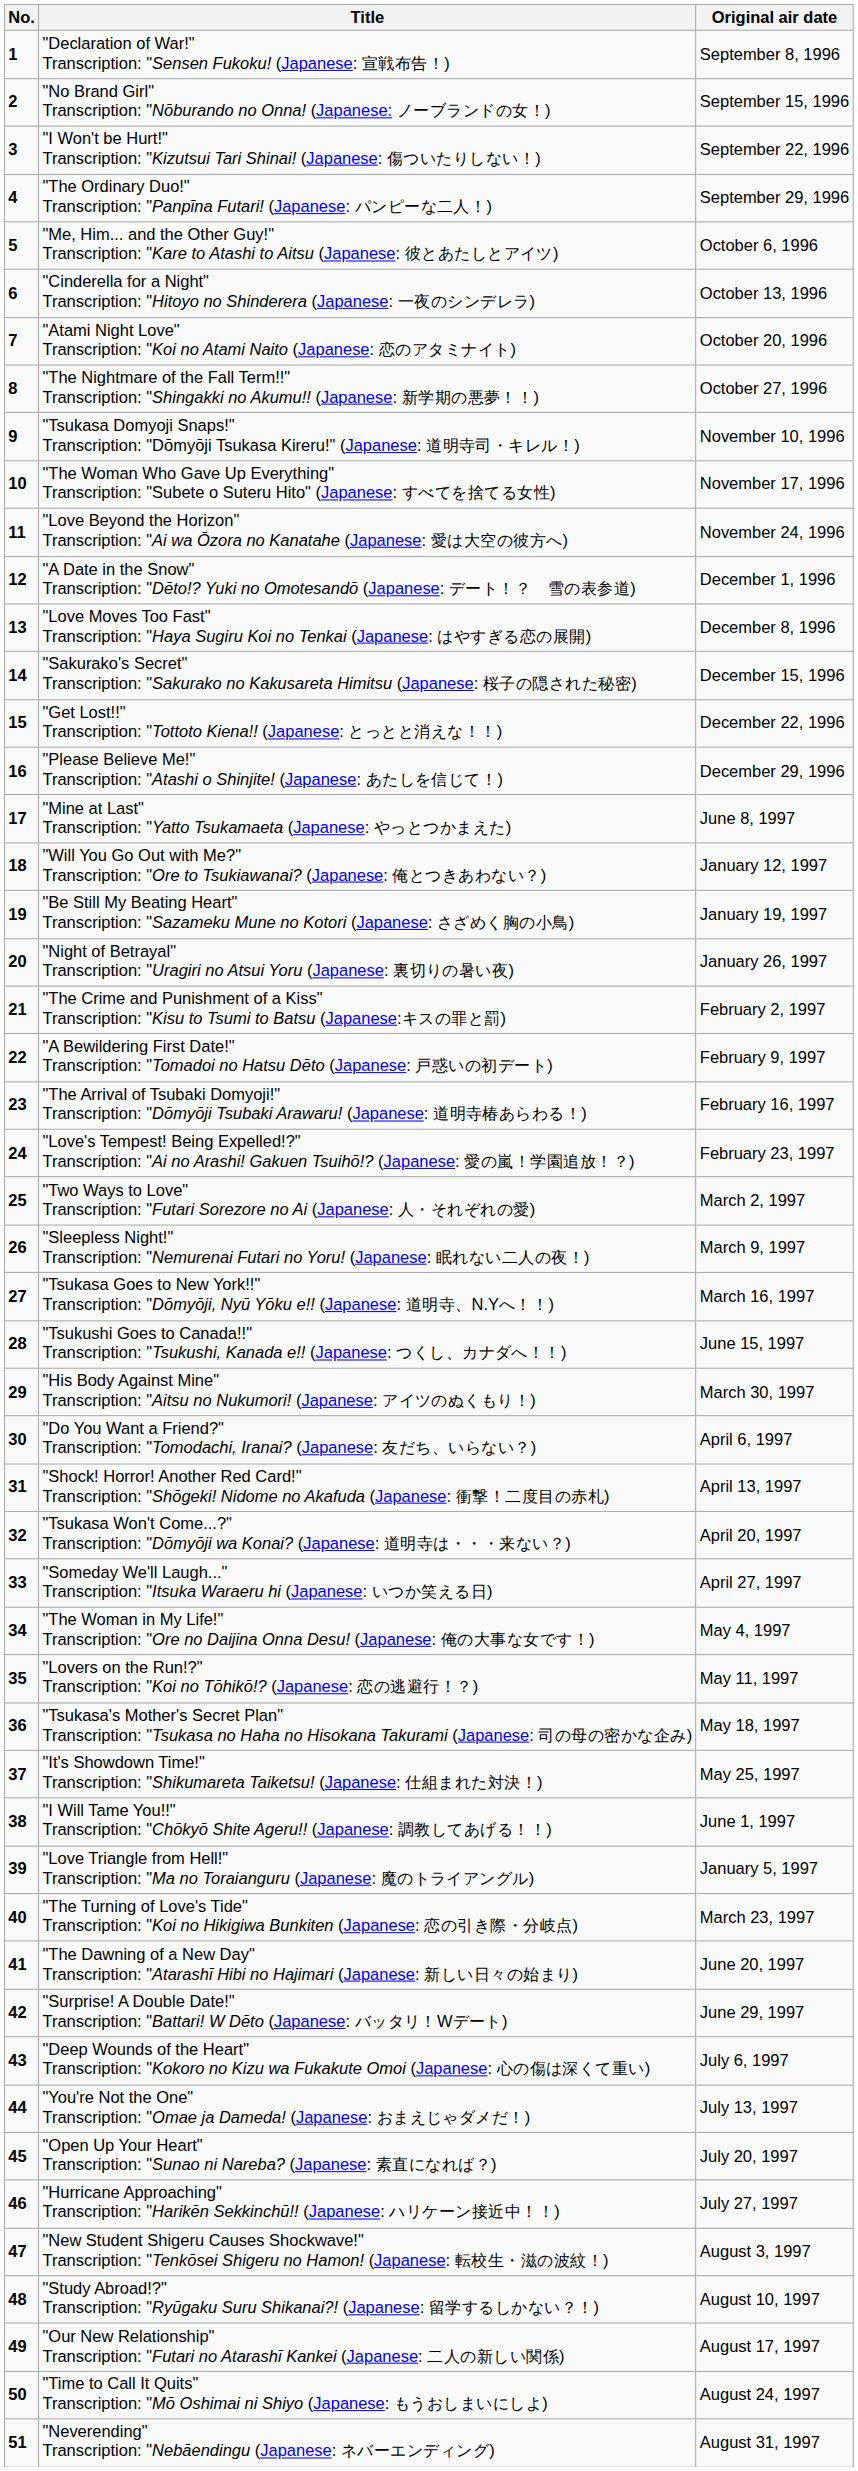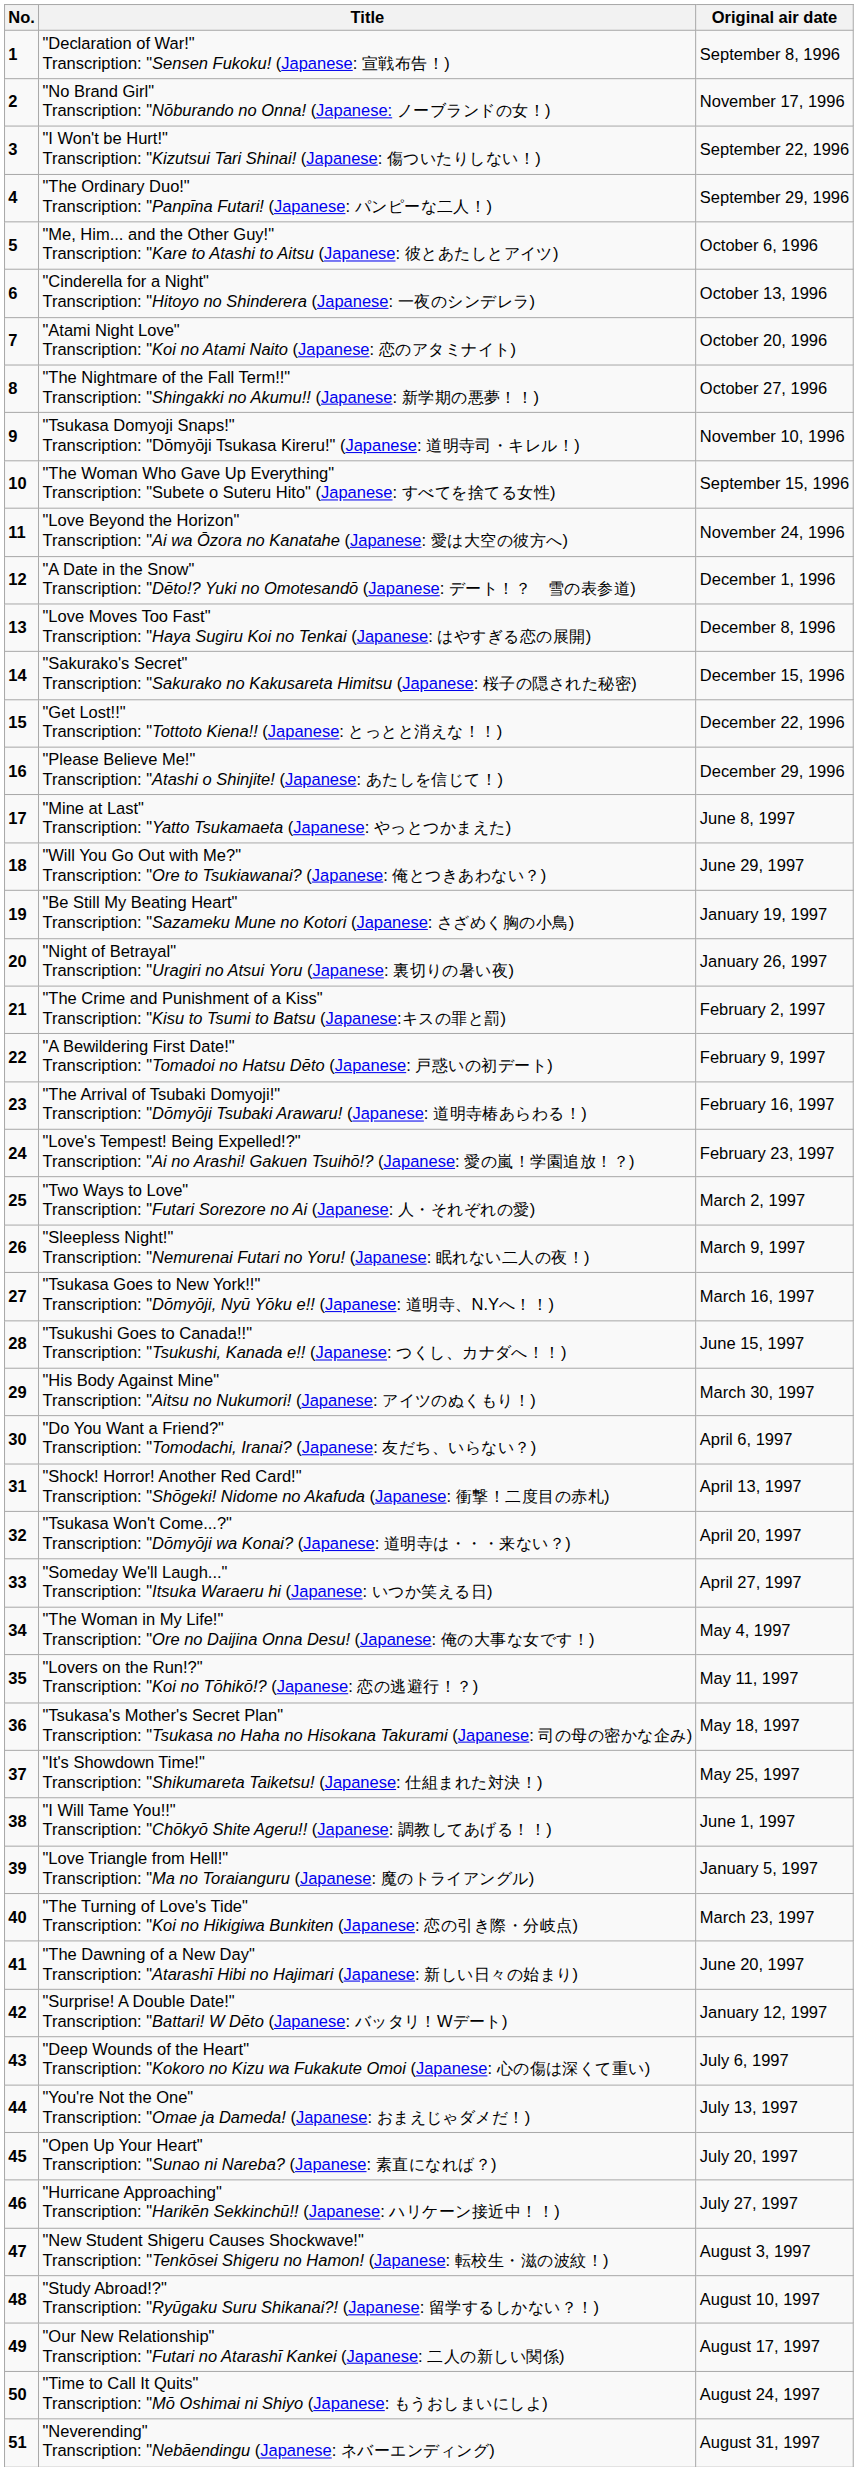 <table class="wikitable">
 <tr>
 <th>No.</th>
 <th>Title</th>
 <th>Original air date</th>
 </tr>
 <tr>
 <td><strong>1</strong></td>
 <td>"Declaration of War!"<br>Transcription: "<em>Sensen Fukoku!</em> (<a href='#'>Japanese</a>: 宣戦布告！)</td>
 <td>September 8, 1996</td>
 </tr>
 <tr>
 <td><strong>2</strong></td>
 <td>"No Brand Girl"<br>Transcription: "<em>Nōburando no Onna!</em> (<a href='#'>Japanese:</a> ノーブランドの女！)</td>
-<td>September 15, 1996</td>
+<td>November 17, 1996</td>
 </tr>
 <tr>
 <td><strong>3</strong></td>
 <td>"I Won't be Hurt!"<br>Transcription: "<em>Kizutsui Tari Shinai!</em> (<a href='#'>Japanese</a>: 傷ついたりしない！)</td>
 <td>September 22, 1996</td>
 </tr>
 <tr>
 <td><strong>4</strong></td>
 <td>"The Ordinary Duo!"<br>Transcription: "<em>Panpīna Futari!</em> (<a href='#'>Japanese</a>: パンピーな二人！)</td>
 <td>September 29, 1996</td>
 </tr>
 <tr>
 <td><strong>5</strong></td>
 <td>"Me, Him... and the Other Guy!"<br>Transcription: "<em>Kare to Atashi to Aitsu</em> (<a href='#'>Japanese</a>: 彼とあたしとアイツ)</td>
 <td>October 6, 1996</td>
 </tr>
 <tr>
 <td><strong>6</strong></td>
 <td>"Cinderella for a Night"<br>Transcription: "<em>Hitoyo no Shinderera</em> (<a href='#'>Japanese</a>: 一夜のシンデレラ)</td>
 <td>October 13, 1996</td>
 </tr>
 <tr>
 <td><strong>7</strong></td>
 <td>"Atami Night Love"<br>Transcription: "<em>Koi no Atami Naito</em> (<a href='#'>Japanese</a>: 恋のアタミナイト)</td>
 <td>October 20, 1996</td>
 </tr>
 <tr>
 <td><strong>8</strong></td>
 <td>"The Nightmare of the Fall Term!!"<br>Transcription: "<em>Shingakki no Akumu!!</em> (<a href='#'>Japanese</a>: 新学期の悪夢！！)</td>
 <td>October 27, 1996</td>
 </tr>
 <tr>
 <td><strong>9</strong></td>
 <td>"Tsukasa Domyoji Snaps!"<br>Transcription: "Dōmyōji Tsukasa Kireru!" (<a href='#'>Japanese</a>: 道明寺司・キレル！)</td>
 <td>November 10, 1996</td>
 </tr>
 <tr>
 <td><strong>10</strong></td>
 <td>"The Woman Who Gave Up Everything"<br>Transcription: "Subete o Suteru Hito" (<a href='#'>Japanese</a>: すべてを捨てる女性)</td>
-<td>November 17, 1996</td>
+<td>September 15, 1996</td>
 </tr>
 <tr>
 <td><strong>11</strong></td>
 <td>"Love Beyond the Horizon"<br>Transcription: "<em>Ai wa Ōzora no Kanatahe</em> (<a href='#'>Japanese</a>: 愛は大空の彼方へ)</td>
 <td>November 24, 1996</td>
 </tr>
 <tr>
 <td><strong>12</strong></td>
 <td>"A Date in the Snow"<br>Transcription: "<em>Dēto!? Yuki no Omotesandō</em> (<a href='#'>Japanese</a>: デート！？　雪の表参道)</td>
 <td>December 1, 1996</td>
 </tr>
 <tr>
 <td><strong>13</strong></td>
 <td>"Love Moves Too Fast"<br>Transcription: "<em>Haya Sugiru Koi no Tenkai</em> (<a href='#'>Japanese</a>: はやすぎる恋の展開)</td>
 <td>December 8, 1996</td>
 </tr>
 <tr>
 <td><strong>14</strong></td>
 <td>"Sakurako's Secret"<br>Transcription: "<em>Sakurako no Kakusareta Himitsu</em> (<a href='#'>Japanese</a>: 桜子の隠された秘密)</td>
 <td>December 15, 1996</td>
 </tr>
 <tr>
 <td><strong>15</strong></td>
 <td>"Get Lost!!"<br>Transcription: "<em>Tottoto Kiena!!</em> (<a href='#'>Japanese</a>: とっとと消えな！！)</td>
 <td>December 22, 1996</td>
 </tr>
 <tr>
 <td><strong>16</strong></td>
 <td>"Please Believe Me!"<br>Transcription: "<em>Atashi o Shinjite!</em> (<a href='#'>Japanese</a>: あたしを信じて！)</td>
 <td>December 29, 1996</td>
 </tr>
 <tr>
 <td><strong>17</strong></td>
 <td>"Mine at Last"<br>Transcription: "<em>Yatto Tsukamaeta</em> (<a href='#'>Japanese</a>: やっとつかまえた)</td>
 <td>June 8, 1997</td>
 </tr>
 <tr>
 <td><strong>18</strong></td>
 <td>"Will You Go Out with Me?"<br>Transcription: "<em>Ore to Tsukiawanai?</em> (<a href='#'>Japanese</a>: 俺とつきあわない？)</td>
-<td>January 12, 1997</td>
+<td>June 29, 1997</td>
 </tr>
 <tr>
 <td><strong>19</strong></td>
 <td>"Be Still My Beating Heart"<br>Transcription: "<em>Sazameku Mune no Kotori</em> (<a href='#'>Japanese</a>: さざめく胸の小鳥)</td>
 <td>January 19, 1997</td>
 </tr>
 <tr>
 <td><strong>20</strong></td>
 <td>"Night of Betrayal"<br>Transcription: "<em>Uragiri no Atsui Yoru</em> (<a href='#'>Japanese</a>: 裏切りの暑い夜)</td>
 <td>January 26, 1997</td>
 </tr>
 <tr>
 <td><strong>21</strong></td>
 <td>"The Crime and Punishment of a Kiss"<br>Transcription: "<em>Kisu to Tsumi to Batsu</em> (<a href='#'>Japanese</a>:キスの罪と罰)</td>
 <td>February 2, 1997</td>
 </tr>
 <tr>
 <td><strong>22</strong></td>
 <td>"A Bewildering First Date!"<br>Transcription: "<em>Tomadoi no Hatsu Dēto</em> (<a href='#'>Japanese</a>: 戸惑いの初デート)</td>
 <td>February 9, 1997</td>
 </tr>
 <tr>
 <td><strong>23</strong></td>
 <td>"The Arrival of Tsubaki Domyoji!"<br>Transcription: "<em>Dōmyōji Tsubaki Arawaru!</em> (<a href='#'>Japanese</a>: 道明寺椿あらわる！)</td>
 <td>February 16, 1997</td>
 </tr>
 <tr>
 <td><strong>24</strong></td>
 <td>"Love's Tempest! Being Expelled!?"<br>Transcription: "<em>Ai no Arashi! Gakuen Tsuihō!?</em> (<a href='#'>Japanese</a>: 愛の嵐！学園追放！？)</td>
 <td>February 23, 1997</td>
 </tr>
 <tr>
 <td><strong>25</strong></td>
 <td>"Two Ways to Love"<br>Transcription: "<em>Futari Sorezore no Ai</em> (<a href='#'>Japanese</a>: 人・それぞれの愛)</td>
 <td>March 2, 1997</td>
 </tr>
 <tr>
 <td><strong>26</strong></td>
 <td>"Sleepless Night!"<br>Transcription: "<em>Nemurenai Futari no Yoru!</em> (<a href='#'>Japanese</a>: 眠れない二人の夜！)</td>
 <td>March 9, 1997</td>
 </tr>
 <tr>
 <td><strong>27</strong></td>
 <td>"Tsukasa Goes to New York!!"<br>Transcription: "<em>Dōmyōji, Nyū Yōku e!!</em> (<a href='#'>Japanese</a>: 道明寺、N.Yへ！！)</td>
 <td>March 16, 1997</td>
 </tr>
 <tr>
 <td><strong>28</strong></td>
 <td>"Tsukushi Goes to Canada!!"<br>Transcription: "<em>Tsukushi, Kanada e!!</em> (<a href='#'>Japanese</a>: つくし、カナダへ！！)</td>
 <td>June 15, 1997</td>
 </tr>
 <tr>
 <td><strong>29</strong></td>
 <td>"His Body Against Mine"<br>Transcription: "<em>Aitsu no Nukumori!</em> (<a href='#'>Japanese</a>: アイツのぬくもり！)</td>
 <td>March 30, 1997</td>
 </tr>
 <tr>
 <td><strong>30</strong></td>
 <td>"Do You Want a Friend?"<br>Transcription: "<em>Tomodachi, Iranai?</em> (<a href='#'>Japanese</a>: 友だち、いらない？)</td>
 <td>April 6, 1997</td>
 </tr>
 <tr>
 <td><strong>31</strong></td>
 <td>"Shock! Horror! Another Red Card!"<br>Transcription: "<em>Shōgeki! Nidome no Akafuda</em> (<a href='#'>Japanese</a>: 衝撃！二度目の赤札)</td>
 <td>April 13, 1997</td>
 </tr>
 <tr>
 <td><strong>32</strong></td>
 <td>"Tsukasa Won't Come...?"<br>Transcription: "<em>Dōmyōji wa Konai?</em> (<a href='#'>Japanese</a>: 道明寺は・・・来ない？)</td>
 <td>April 20, 1997</td>
 </tr>
 <tr>
 <td><strong>33</strong></td>
 <td>"Someday We'll Laugh..."<br>Transcription: "<em>Itsuka Waraeru hi</em> (<a href='#'>Japanese</a>: いつか笑える日)</td>
 <td>April 27, 1997</td>
 </tr>
 <tr>
 <td><strong>34</strong></td>
 <td>"The Woman in My Life!"<br>Transcription: "<em>Ore no Daijina Onna Desu!</em> (<a href='#'>Japanese</a>: 俺の大事な女です！)</td>
 <td>May 4, 1997</td>
 </tr>
 <tr>
 <td><strong>35</strong></td>
 <td>"Lovers on the Run!?"<br>Transcription: "<em>Koi no Tōhikō!?</em> (<a href='#'>Japanese</a>: 恋の逃避行！？)</td>
 <td>May 11, 1997</td>
 </tr>
 <tr>
 <td><strong>36</strong></td>
 <td>"Tsukasa's Mother's Secret Plan"<br>Transcription: "<em>Tsukasa no Haha no Hisokana Takurami</em> (<a href='#'>Japanese</a>: 司の母の密かな企み)</td>
 <td>May 18, 1997</td>
 </tr>
 <tr>
 <td><strong>37</strong></td>
 <td>"It's Showdown Time!"<br>Transcription: "<em>Shikumareta Taiketsu!</em> (<a href='#'>Japanese</a>: 仕組まれた対決！)</td>
 <td>May 25, 1997</td>
 </tr>
 <tr>
 <td><strong>38</strong></td>
 <td>"I Will Tame You!!"<br>Transcription: "<em>Chōkyō Shite Ageru!!</em> (<a href='#'>Japanese</a>: 調教してあげる！！)</td>
 <td>June 1, 1997</td>
 </tr>
 <tr>
 <td><strong>39</strong></td>
 <td>"Love Triangle from Hell!"<br>Transcription: "<em>Ma no Toraianguru</em> (<a href='#'>Japanese</a>: 魔のトライアングル)</td>
 <td>January 5, 1997</td>
 </tr>
 <tr>
 <td><strong>40</strong></td>
 <td>"The Turning of Love's Tide"<br>Transcription: "<em>Koi no Hikigiwa Bunkiten</em> (<a href='#'>Japanese</a>: 恋の引き際・分岐点)</td>
 <td>March 23, 1997</td>
 </tr>
 <tr>
 <td><strong>41</strong></td>
 <td>"The Dawning of a New Day"<br>Transcription: "<em>Atarashī Hibi no Hajimari</em> (<a href='#'>Japanese</a>: 新しい日々の始まり)</td>
 <td>June 20, 1997</td>
 </tr>
 <tr>
 <td><strong>42</strong></td>
 <td>"Surprise! A Double Date!"<br>Transcription: "<em>Battari! W Dēto</em> (<a href='#'>Japanese</a>: バッタリ！Wデート)</td>
-<td>June 29, 1997</td>
+<td>January 12, 1997</td>
 </tr>
 <tr>
 <td><strong>43</strong></td>
 <td>"Deep Wounds of the Heart"<br>Transcription: "<em>Kokoro no Kizu wa Fukakute Omoi</em> (<a href='#'>Japanese</a>: 心の傷は深くて重い)</td>
 <td>July 6, 1997</td>
 </tr>
 <tr>
 <td><strong>44</strong></td>
 <td>"You're Not the One"<br>Transcription: "<em>Omae ja Dameda!</em> (<a href='#'>Japanese</a>: おまえじゃダメだ！)</td>
 <td>July 13, 1997</td>
 </tr>
 <tr>
 <td><strong>45</strong></td>
 <td>"Open Up Your Heart"<br>Transcription: "<em>Sunao ni Nareba?</em> (<a href='#'>Japanese</a>: 素直になれば？)</td>
 <td>July 20, 1997</td>
 </tr>
 <tr>
 <td><strong>46</strong></td>
 <td>"Hurricane Approaching"<br>Transcription: "<em>Harikēn Sekkinchū!!</em> (<a href='#'>Japanese</a>: ハリケーン接近中！！)</td>
 <td>July 27, 1997</td>
 </tr>
 <tr>
 <td><strong>47</strong></td>
 <td>"New Student Shigeru Causes Shockwave!"<br>Transcription: "<em>Tenkōsei Shigeru no Hamon!</em> (<a href='#'>Japanese</a>: 転校生・滋の波紋！)</td>
 <td>August 3, 1997</td>
 </tr>
 <tr>
 <td><strong>48</strong></td>
 <td>"Study Abroad!?"<br>Transcription: "<em>Ryūgaku Suru Shikanai?!</em> (<a href='#'>Japanese</a>: 留学するしかない？！)</td>
 <td>August 10, 1997</td>
 </tr>
 <tr>
 <td><strong>49</strong></td>
 <td>"Our New Relationship"<br>Transcription: "<em>Futari no Atarashī Kankei</em> (<a href='#'>Japanese</a>: 二人の新しい関係)</td>
 <td>August 17, 1997</td>
 </tr>
 <tr>
 <td><strong>50</strong></td>
 <td>"Time to Call It Quits"<br>Transcription: "<em>Mō Oshimai ni Shiyo</em> (<a href='#'>Japanese</a>: もうおしまいにしよ)</td>
 <td>August 24, 1997</td>
 </tr>
 <tr>
 <td><strong>51</strong></td>
 <td>"Neverending"<br>Transcription: "<em>Nebāendingu</em> (<a href='#'>Japanese</a>: ネバーエンディング)</td>
 <td>August 31, 1997</td>
 </tr>
 </table>
